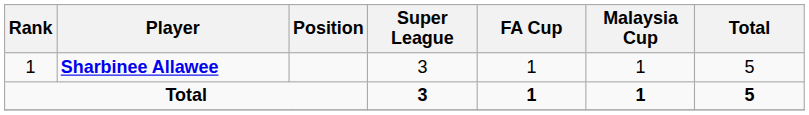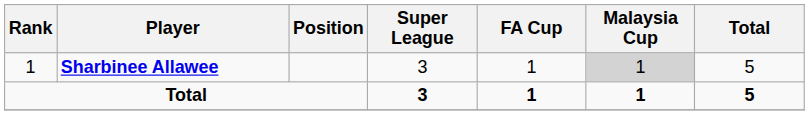 <table class="wikitable">
 <tr>
 <th>Rank</th>
 <th style="width:200px;">Player</th>
 <th>Position</th>
 <th style="width:90px;">Super League</th>
 <th style="width:90px;">FA Cup</th>
 <th style="width:90px;">Malaysia Cup</th>
 <th style="width:90px;">Total</th>
 </tr>
 <tr>
 <td align=center>1</td>
 <td><strong> <a href='#'>Sharbinee Allawee</a></strong></td>
 <td align=center></td>
 <td align=center>3</td>
 <td align=center>1</td>
-<td align=center>1</td>
+<td align=center style="background: lightgrey;">1</td>
 <td align=center>5</td>
 </tr>
 <tr>
 <td align=center colspan=3><strong>Total</strong></td>
 <td align=center><strong>3</strong></td>
 <td align=center><strong>1</strong></td>
 <td align=center><strong>1</strong></td>
 <td align=center><strong>5</strong></td>
 </tr>
 <tr>
 </tr>
 </table>
